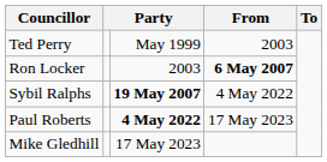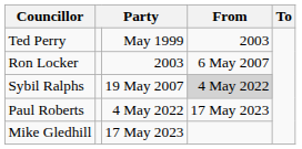 <table class=wikitable>
 <tr>
 <th>Councillor</th>
 <th colspan=2>Party</th>
 <th>From</th>
 <th>To</th>
 </tr>
 <tr>
 <td>Ted Perry</td>
 <td></td>
 <td align=right>May 1999</td>
 <td align=right>2003</td>
 </tr>
 <tr>
 <td>Ron Locker</td>
 <td></td>
 <td align=right>2003</td>
-<td align=right><strong>6 May 2007</strong></td>
+<td align=right>6 May 2007</td>
 </tr>
 <tr>
 <td>Sybil Ralphs</td>
 <td></td>
-<td align=right><strong>19 May 2007</strong></td>
-<td align=right>4 May 2022</td>
+<td align=right>19 May 2007</td>
+<td align=right style="background: lightgrey;">4 May 2022</td>
 </tr>
 <tr>
 <td>Paul Roberts</td>
 <td></td>
-<td align=right><strong>4 May 2022</strong></td>
+<td align=right>4 May 2022</td>
 <td align=right>17 May 2023</td>
 </tr>
 <tr>
 <td>Mike Gledhill</td>
 <td></td>
 <td align=right>17 May 2023</td>
 <td align=right></td>
 </tr>
 </table>
